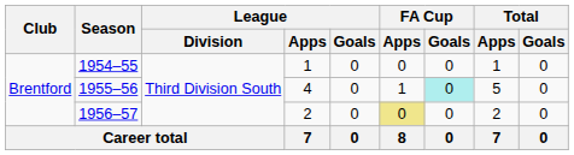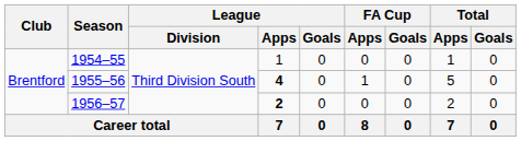 <table class="wikitable" style="text-align: center;">
 <tr>
 <th rowspan="2">Club</th>
 <th rowspan="2">Season</th>
 <th colspan="3">League</th>
 <th colspan="2">FA Cup</th>
 <th colspan="2">Total</th>
 </tr>
 <tr>
 <th>Division</th>
 <th>Apps</th>
 <th>Goals</th>
 <th>Apps</th>
 <th>Goals</th>
 <th>Apps</th>
 <th>Goals</th>
 </tr>
 <tr>
 <td rowspan="3"><a href='#'>Brentford</a></td>
 <td><a href='#'>1954–55</a></td>
 <td rowspan="3"><a href='#'>Third Division South</a></td>
 <td>1</td>
 <td>0</td>
 <td>0</td>
 <td>0</td>
 <td>1</td>
 <td>0</td>
 </tr>
 <tr>
 <td><a href='#'>1955–56</a></td>
-<td>4</td>
+<td><strong>4</strong></td>
 <td>0</td>
 <td>1</td>
-<td style="background: paleturquoise;">0</td>
+<td>0</td>
 <td>5</td>
 <td>0</td>
 </tr>
 <tr>
 <td><a href='#'>1956–57</a></td>
-<td>2</td>
+<td><strong>2</strong></td>
 <td>0</td>
-<td style="background: khaki;">0</td>
+<td>0</td>
 <td>0</td>
 <td>2</td>
 <td>0</td>
 </tr>
 <tr>
 <th colspan="3">Career total</th>
 <th>7</th>
 <th>0</th>
 <th>8</th>
 <th>0</th>
 <th>7</th>
 <th>0</th>
 </tr>
 </table>
